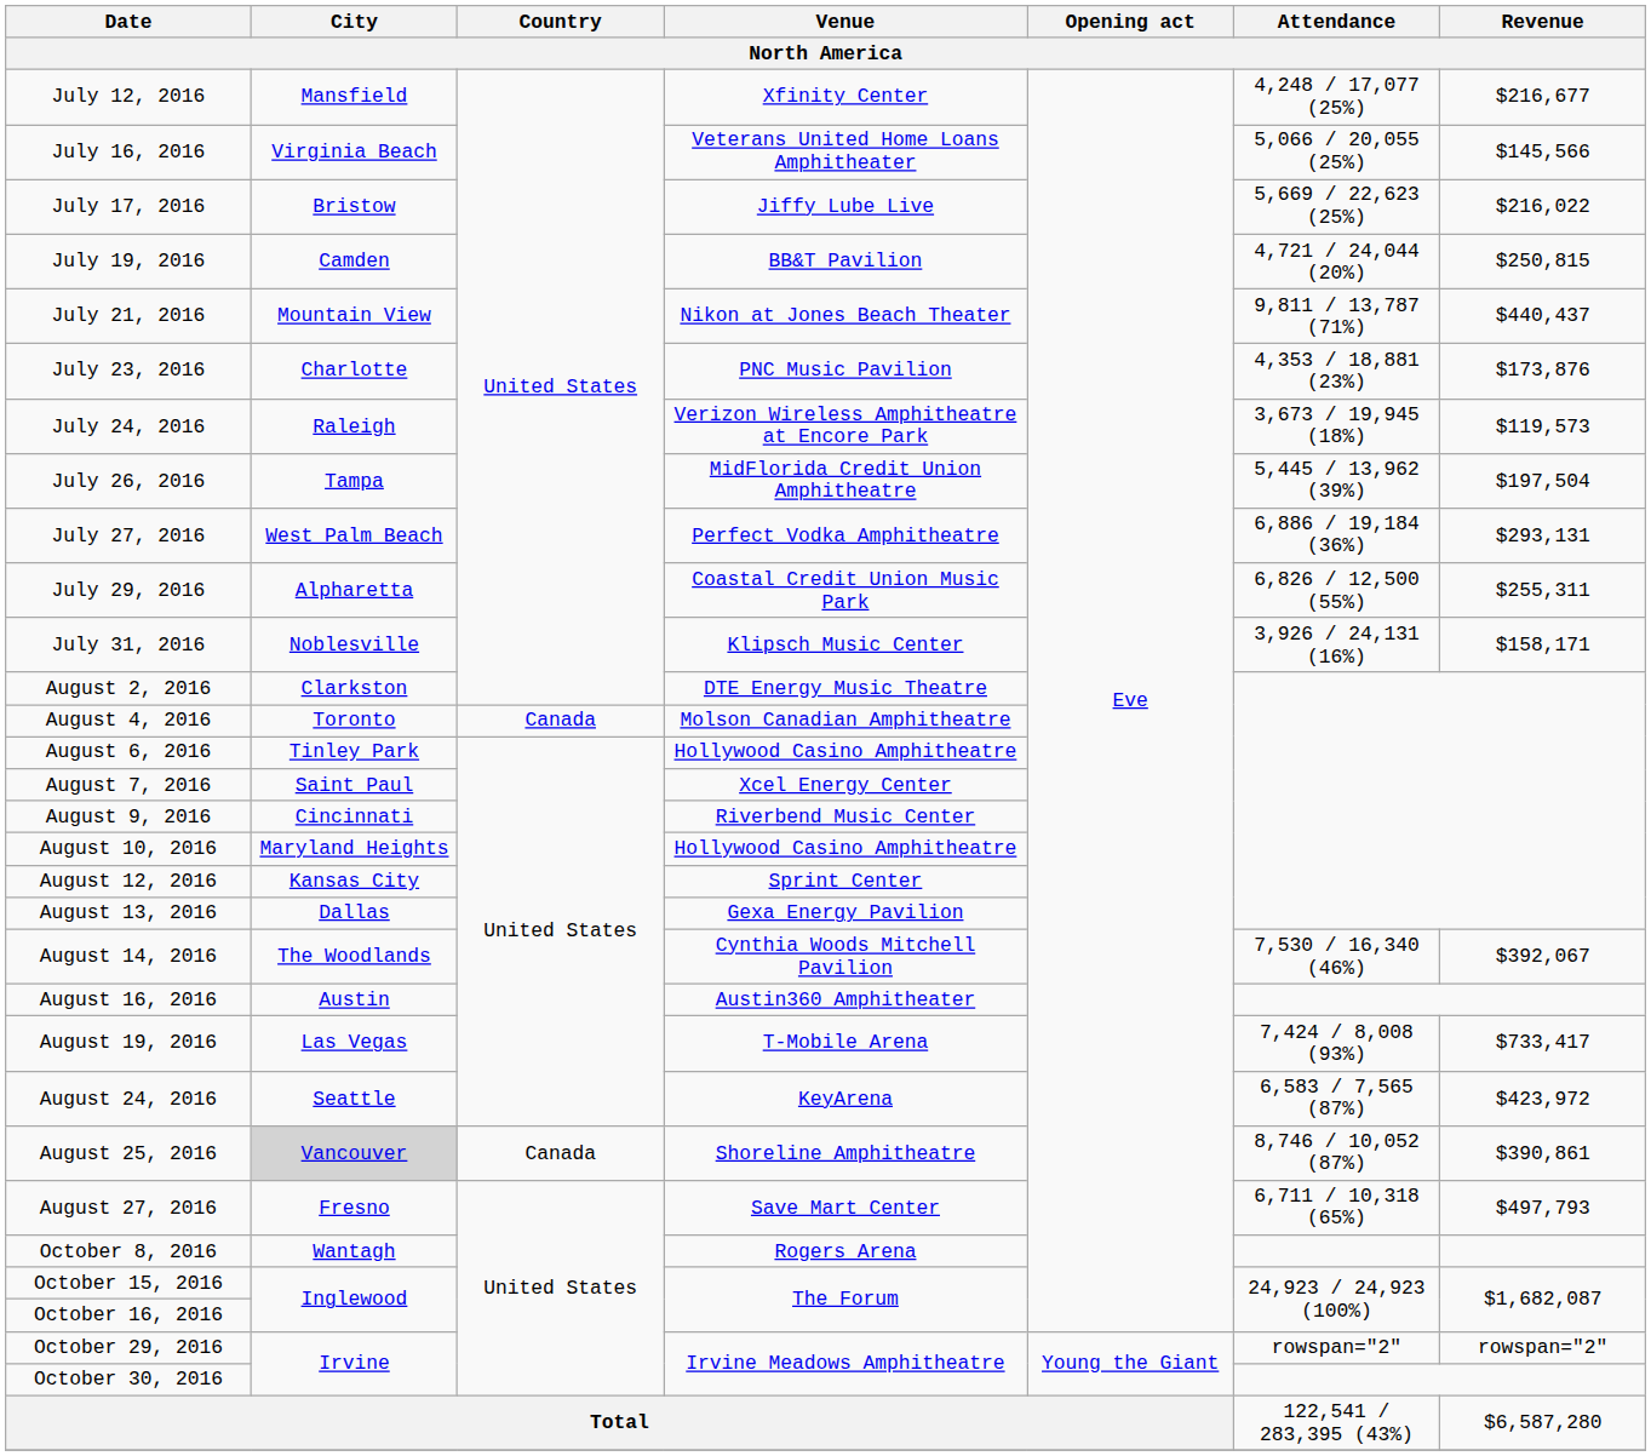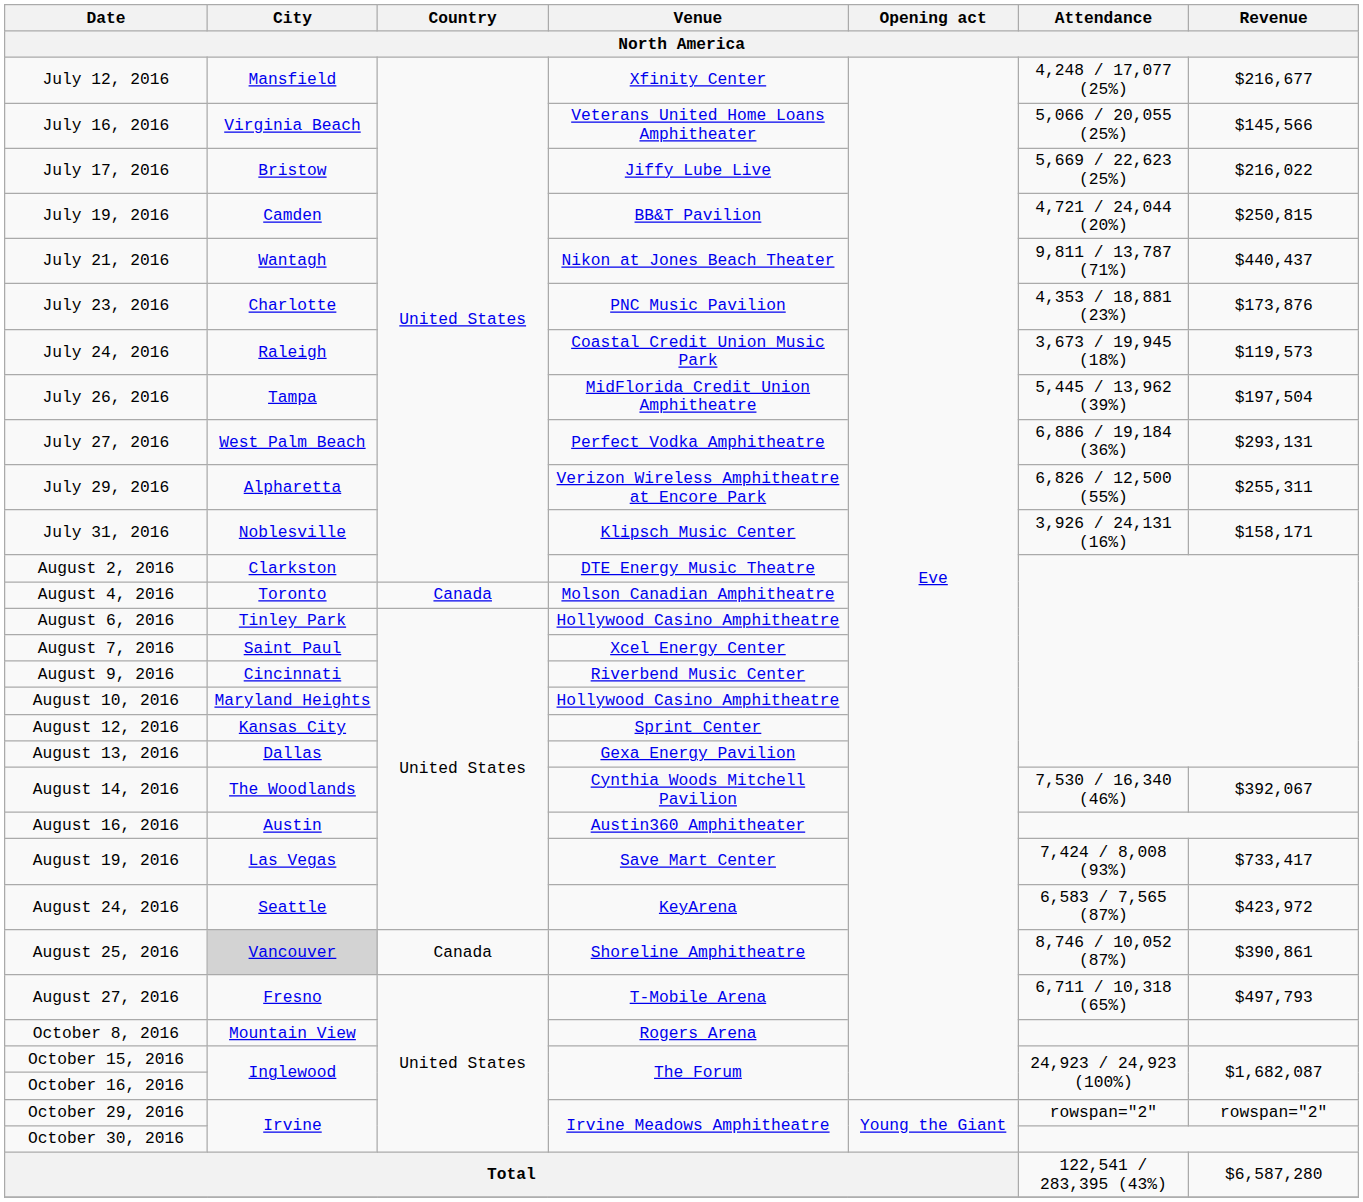 <table class="wikitable" style="text-align:center;">
 <tr>
 <th scope="col" style="width:12em;">Date</th>
 <th scope="col" style="width:10em;">City</th>
 <th scope="col" style="width:10em;">Country</th>
 <th scope="col" style="width:18em;">Venue</th>
 <th scope="col" style="width:10em;">Opening act</th>
 <th scope="col" style="width:10em;">Attendance</th>
 <th scope="col" style="width:10em;">Revenue</th>
 </tr>
 <tr>
 <th colspan="7"><strong>North America</strong></th>
 </tr>
 <tr>
 <td>July 12, 2016</td>
 <td><a href='#'>Mansfield</a></td>
 <td rowspan="12"><a href='#'>United States</a></td>
 <td><a href='#'>Xfinity Center</a></td>
 <td rowspan="28"><a href='#'>Eve</a></td>
 <td>4,248 / 17,077 (25%)</td>
 <td>$216,677</td>
 </tr>
 <tr>
 <td>July 16, 2016</td>
 <td><a href='#'>Virginia Beach</a></td>
 <td><a href='#'>Veterans United Home Loans Amphitheater</a></td>
 <td>5,066 / 20,055 (25%)</td>
 <td>$145,566</td>
 </tr>
 <tr>
 <td>July 17, 2016</td>
 <td><a href='#'>Bristow</a></td>
 <td><a href='#'>Jiffy Lube Live</a></td>
 <td>5,669 / 22,623 (25%)</td>
 <td>$216,022</td>
 </tr>
 <tr>
 <td>July 19, 2016</td>
 <td><a href='#'>Camden</a></td>
 <td><a href='#'>BB&T Pavilion</a></td>
 <td>4,721 / 24,044 (20%)</td>
 <td>$250,815</td>
 </tr>
 <tr>
 <td>July 21, 2016</td>
-<td><a href='#'>Mountain View</a></td>
+<td><a href='#'>Wantagh</a></td>
 <td><a href='#'>Nikon at Jones Beach Theater</a></td>
 <td>9,811 / 13,787 (71%)</td>
 <td>$440,437</td>
 </tr>
 <tr>
 <td>July 23, 2016</td>
 <td><a href='#'>Charlotte</a></td>
 <td><a href='#'>PNC Music Pavilion</a></td>
 <td>4,353 / 18,881 (23%)</td>
 <td>$173,876</td>
 </tr>
 <tr>
 <td>July 24, 2016</td>
 <td><a href='#'>Raleigh</a></td>
-<td><a href='#'>Verizon Wireless Amphitheatre at Encore Park</a></td>
+<td><a href='#'>Coastal Credit Union Music Park</a></td>
 <td>3,673 / 19,945 (18%)</td>
 <td>$119,573</td>
 </tr>
 <tr>
 <td>July 26, 2016</td>
 <td><a href='#'>Tampa</a></td>
 <td><a href='#'>MidFlorida Credit Union Amphitheatre</a></td>
 <td>5,445 / 13,962 (39%)</td>
 <td>$197,504</td>
 </tr>
 <tr>
 <td>July 27, 2016</td>
 <td><a href='#'>West Palm Beach</a></td>
 <td><a href='#'>Perfect Vodka Amphitheatre</a></td>
 <td>6,886 / 19,184 (36%)</td>
 <td>$293,131</td>
 </tr>
 <tr>
 <td>July 29, 2016</td>
 <td><a href='#'>Alpharetta</a></td>
-<td><a href='#'>Coastal Credit Union Music Park</a></td>
+<td><a href='#'>Verizon Wireless Amphitheatre at Encore Park</a></td>
 <td>6,826 / 12,500 (55%)</td>
 <td>$255,311</td>
 </tr>
 <tr>
 <td>July 31, 2016</td>
 <td><a href='#'>Noblesville</a></td>
 <td><a href='#'>Klipsch Music Center</a></td>
 <td>3,926 / 24,131 (16%)</td>
 <td>$158,171</td>
 </tr>
 <tr>
 <td>August 2, 2016</td>
 <td><a href='#'>Clarkston</a></td>
 <td><a href='#'>DTE Energy Music Theatre</a></td>
 </tr>
 <tr>
 <td>August 4, 2016</td>
 <td><a href='#'>Toronto</a></td>
 <td><a href='#'>Canada</a></td>
 <td><a href='#'>Molson Canadian Amphitheatre</a></td>
 </tr>
 <tr>
 <td>August 6, 2016</td>
 <td><a href='#'>Tinley Park</a></td>
 <td rowspan="10">United States</td>
 <td><a href='#'>Hollywood Casino Amphitheatre</a></td>
 </tr>
 <tr>
 <td>August 7, 2016</td>
 <td><a href='#'>Saint Paul</a></td>
 <td><a href='#'>Xcel Energy Center</a></td>
 </tr>
 <tr>
 <td>August 9, 2016</td>
 <td><a href='#'>Cincinnati</a></td>
 <td><a href='#'>Riverbend Music Center</a></td>
 </tr>
 <tr>
 <td>August 10, 2016</td>
 <td><a href='#'>Maryland Heights</a></td>
 <td><a href='#'>Hollywood Casino Amphitheatre</a></td>
 </tr>
 <tr>
 <td>August 12, 2016</td>
 <td><a href='#'>Kansas City</a></td>
 <td><a href='#'>Sprint Center</a></td>
 </tr>
 <tr>
 <td>August 13, 2016</td>
 <td><a href='#'>Dallas</a></td>
 <td><a href='#'>Gexa Energy Pavilion</a></td>
 </tr>
 <tr>
 <td>August 14, 2016</td>
 <td><a href='#'>The Woodlands</a></td>
 <td><a href='#'>Cynthia Woods Mitchell Pavilion</a></td>
 <td>7,530 / 16,340 (46%)</td>
 <td>$392,067</td>
 </tr>
 <tr>
 <td>August 16, 2016</td>
 <td><a href='#'>Austin</a></td>
 <td><a href='#'>Austin360 Amphitheater</a></td>
 </tr>
 <tr>
 <td>August 19, 2016</td>
 <td><a href='#'>Las Vegas</a></td>
-<td><a href='#'>T-Mobile Arena</a></td>
+<td><a href='#'>Save Mart Center</a></td>
 <td>7,424 / 8,008 (93%)</td>
 <td>$733,417</td>
 </tr>
 <tr>
 <td>August 24, 2016</td>
 <td><a href='#'>Seattle</a></td>
 <td><a href='#'>KeyArena</a></td>
 <td>6,583 / 7,565 (87%)</td>
 <td>$423,972</td>
 </tr>
 <tr>
 <td>August 25, 2016</td>
 <td style="background: lightgrey;"><a href='#'>Vancouver</a></td>
 <td>Canada</td>
 <td><a href='#'>Shoreline Amphitheatre</a></td>
 <td>8,746 / 10,052 (87%)</td>
 <td>$390,861</td>
 </tr>
 <tr>
 <td>August 27, 2016</td>
 <td><a href='#'>Fresno</a></td>
 <td rowspan="6">United States</td>
-<td><a href='#'>Save Mart Center</a></td>
+<td><a href='#'>T-Mobile Arena</a></td>
 <td>6,711 / 10,318 (65%)</td>
 <td>$497,793</td>
 </tr>
 <tr>
 <td>October 8, 2016</td>
-<td><a href='#'>Wantagh</a></td>
+<td><a href='#'>Mountain View</a></td>
 <td><a href='#'>Rogers Arena</a></td>
 <td></td>
 <td></td>
 </tr>
 <tr>
 <td>October 15, 2016</td>
 <td rowspan="2"><a href='#'>Inglewood</a></td>
 <td rowspan="2"><a href='#'>The Forum</a></td>
 <td rowspan="2">24,923 / 24,923 (100%)</td>
 <td rowspan="2">$1,682,087</td>
 </tr>
 <tr>
 <td>October 16, 2016</td>
 </tr>
 <tr>
 <td>October 29, 2016</td>
 <td rowspan="2"><a href='#'>Irvine</a></td>
 <td rowspan="2"><a href='#'>Irvine Meadows Amphitheatre</a></td>
 <td rowspan="2"><a href='#'>Young the Giant</a></td>
 <td>rowspan="2" </td>
 <td>rowspan="2" </td>
 </tr>
 <tr>
 <td>October 30, 2016</td>
 </tr>
 <tr>
 <th colspan="5">Total</th>
 <td>122,541 / 283,395 (43%)</td>
 <td>$6,587,280</td>
 </tr>
 <tr>
 </tr>
 </table>
